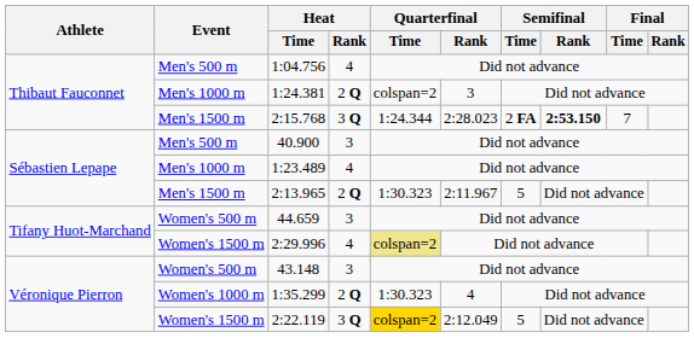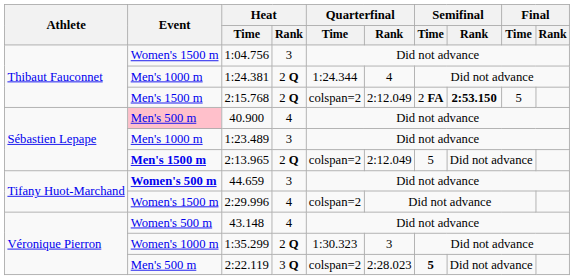 <table class="wikitable" style="font-size:90%">
 <tr>
 <th rowspan=2>Athlete</th>
 <th rowspan=2>Event</th>
 <th colspan=2>Heat</th>
 <th colspan=2>Quarterfinal</th>
 <th colspan=2>Semifinal</th>
 <th colspan=2>Final</th>
 </tr>
 <tr style="font-size:95%">
 <th>Time</th>
 <th>Rank</th>
 <th>Time</th>
 <th>Rank</th>
 <th>Time</th>
 <th>Rank</th>
 <th>Time</th>
 <th>Rank</th>
 </tr>
 <tr align=center>
 <td align=left rowspan=3><a href='#'>Thibaut Fauconnet</a></td>
-<td align=left><a href='#'>Men's 500 m</a></td>
+<td align=left><a href='#'>Women's 1500 m</a></td>
 <td>1:04.756</td>
-<td>4</td>
+<td>3</td>
 <td colspan=6>Did not advance</td>
 </tr>
 <tr align=center>
 <td align=left><a href='#'>Men's 1000 m</a></td>
 <td>1:24.381</td>
 <td>2 <strong>Q</strong></td>
-<td>colspan=2 </td>
-<td>3</td>
+<td>1:24.344</td>
+<td>4</td>
 <td colspan=4>Did not advance</td>
 </tr>
 <tr align=center>
 <td align=left><a href='#'>Men's 1500 m</a></td>
 <td>2:15.768</td>
-<td>3 <strong>Q</strong></td>
-<td>1:24.344</td>
-<td>2:28.023</td>
+<td>2 <strong>Q</strong></td>
+<td>colspan=2 </td>
+<td>2:12.049</td>
 <td>2 <strong>FA</strong></td>
 <td><strong>2:53.150</strong></td>
-<td>7</td>
+<td>5</td>
 </tr>
 <tr align=center>
 <td align=left rowspan=3><a href='#'>Sébastien Lepape</a></td>
-<td align=left><a href='#'>Men's 500 m</a></td>
+<td align=left style="background: pink;"><a href='#'>Men's 500 m</a></td>
 <td>40.900</td>
-<td>3</td>
+<td>4</td>
 <td colspan=6>Did not advance</td>
 </tr>
 <tr align=center>
 <td align=left><a href='#'>Men's 1000 m</a></td>
 <td>1:23.489</td>
-<td>4</td>
+<td>3</td>
 <td colspan=6>Did not advance</td>
 </tr>
 <tr align=center>
-<td align=left><a href='#'>Men's 1500 m</a></td>
+<td align=left><strong><a href='#'>Men's 1500 m</a></strong></td>
 <td>2:13.965</td>
 <td>2 <strong>Q</strong></td>
-<td>1:30.323</td>
-<td>2:11.967</td>
+<td>colspan=2 </td>
+<td>2:12.049</td>
 <td>5</td>
 <td colspan=2>Did not advance</td>
 </tr>
 <tr align=center>
 <td align=left rowspan=2><a href='#'>Tifany Huot-Marchand</a></td>
-<td align=left><a href='#'>Women's 500 m</a></td>
+<td align=left><strong><a href='#'>Women's 500 m</a></strong></td>
 <td>44.659</td>
 <td>3</td>
 <td colspan=6>Did not advance</td>
 </tr>
 <tr align=center>
 <td align=left><a href='#'>Women's 1500 m</a></td>
 <td>2:29.996</td>
 <td>4</td>
-<td style="background: khaki;">colspan=2 </td>
+<td>colspan=2 </td>
 <td colspan=4>Did not advance</td>
 </tr>
 <tr align=center>
 <td align=left rowspan=3><a href='#'>Véronique Pierron</a></td>
 <td align=left><a href='#'>Women's 500 m</a></td>
 <td>43.148</td>
-<td>3</td>
+<td>4</td>
 <td colspan=6>Did not advance</td>
 </tr>
 <tr align=center>
 <td align=left><a href='#'>Women's 1000 m</a></td>
 <td>1:35.299</td>
 <td>2 <strong>Q</strong></td>
 <td>1:30.323</td>
-<td>4</td>
+<td>3</td>
 <td colspan=4>Did not advance</td>
 </tr>
 <tr align=center>
-<td align=left><a href='#'>Women's 1500 m</a></td>
+<td align=left><a href='#'>Men's 500 m</a></td>
 <td>2:22.119</td>
 <td>3 <strong>Q</strong></td>
-<td style="background: gold;">colspan=2 </td>
-<td>2:12.049</td>
-<td>5</td>
+<td>colspan=2 </td>
+<td>2:28.023</td>
+<td><strong>5</strong></td>
 <td colspan=2>Did not advance</td>
 </tr>
 </table>
